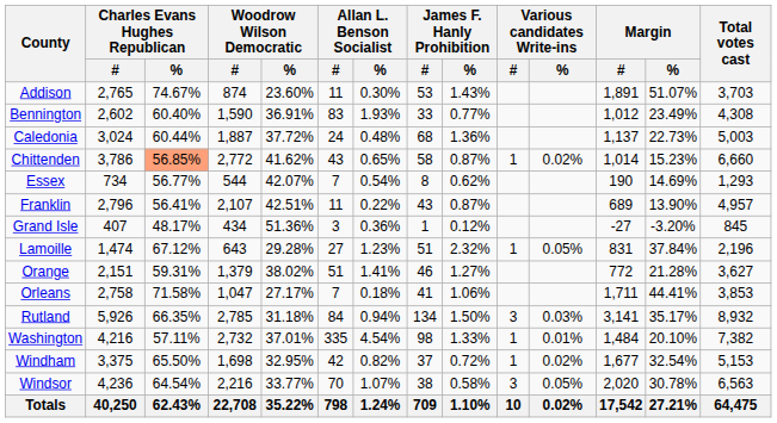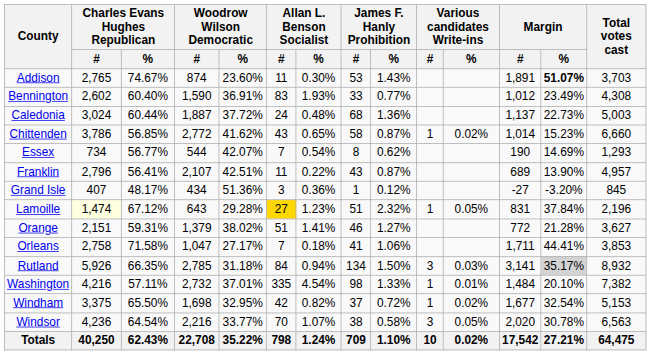 <table class="wikitable sortable" style="text-align:center">
 <tr>
 <th style="text-align:center;" rowspan="2">County</th>
 <th style="text-align:center;" colspan="2">Charles Evans Hughes<br>Republican</th>
 <th style="text-align:center;" colspan="2">Woodrow Wilson<br>Democratic</th>
 <th style="text-align:center;" colspan="2">Allan L. Benson<br>Socialist</th>
 <th style="text-align:center;" colspan="2">James F. Hanly<br>Prohibition</th>
 <th style="text-align:center;" colspan="2">Various candidates<br>Write-ins</th>
 <th style="text-align:center;" colspan="2">Margin</th>
 <th style="text-align:center;" rowspan="2">Total votes cast</th>
 </tr>
 <tr>
 <th style="text-align:center;" data-sort-type="number">#</th>
 <th style="text-align:center;" data-sort-type="number">%</th>
 <th style="text-align:center;" data-sort-type="number">#</th>
 <th style="text-align:center;" data-sort-type="number">%</th>
 <th style="text-align:center;" data-sort-type="number">#</th>
 <th style="text-align:center;" data-sort-type="number">%</th>
 <th style="text-align:center;" data-sort-type="number">#</th>
 <th style="text-align:center;" data-sort-type="number">%</th>
 <th style="text-align:center;" data-sort-type="number">#</th>
 <th style="text-align:center;" data-sort-type="number">%</th>
 <th style="text-align:center;" data-sort-type="number">#</th>
 <th style="text-align:center;" data-sort-type="number">%</th>
 </tr>
 <tr style="text-align:center;">
 <td><a href='#'>Addison</a></td>
 <td>2,765</td>
 <td>74.67%</td>
 <td>874</td>
 <td>23.60%</td>
 <td>11</td>
 <td>0.30%</td>
 <td>53</td>
 <td>1.43%</td>
 <td></td>
 <td></td>
 <td>1,891</td>
-<td>51.07%</td>
+<td><strong>51.07%</strong></td>
 <td>3,703</td>
 </tr>
 <tr style="text-align:center;">
 <td><a href='#'>Bennington</a></td>
 <td>2,602</td>
 <td>60.40%</td>
 <td>1,590</td>
 <td>36.91%</td>
 <td>83</td>
 <td>1.93%</td>
 <td>33</td>
 <td>0.77%</td>
 <td></td>
 <td></td>
 <td>1,012</td>
 <td>23.49%</td>
 <td>4,308</td>
 </tr>
 <tr style="text-align:center;">
 <td><a href='#'>Caledonia</a></td>
 <td>3,024</td>
 <td>60.44%</td>
 <td>1,887</td>
 <td>37.72%</td>
 <td>24</td>
 <td>0.48%</td>
 <td>68</td>
 <td>1.36%</td>
 <td></td>
 <td></td>
 <td>1,137</td>
 <td>22.73%</td>
 <td>5,003</td>
 </tr>
 <tr style="text-align:center;">
 <td><a href='#'>Chittenden</a></td>
 <td>3,786</td>
-<td style="background: lightsalmon;">56.85%</td>
+<td>56.85%</td>
 <td>2,772</td>
 <td>41.62%</td>
 <td>43</td>
 <td>0.65%</td>
 <td>58</td>
 <td>0.87%</td>
 <td>1</td>
 <td>0.02%</td>
 <td>1,014</td>
 <td>15.23%</td>
 <td>6,660</td>
 </tr>
 <tr style="text-align:center;">
 <td><a href='#'>Essex</a></td>
 <td>734</td>
 <td>56.77%</td>
 <td>544</td>
 <td>42.07%</td>
 <td>7</td>
 <td>0.54%</td>
 <td>8</td>
 <td>0.62%</td>
 <td></td>
 <td></td>
 <td>190</td>
 <td>14.69%</td>
 <td>1,293</td>
 </tr>
 <tr style="text-align:center;">
 <td><a href='#'>Franklin</a></td>
 <td>2,796</td>
 <td>56.41%</td>
 <td>2,107</td>
 <td>42.51%</td>
 <td>11</td>
 <td>0.22%</td>
 <td>43</td>
 <td>0.87%</td>
 <td></td>
 <td></td>
 <td>689</td>
 <td>13.90%</td>
 <td>4,957</td>
 </tr>
 <tr style="text-align:center;">
 <td><a href='#'>Grand Isle</a></td>
 <td>407</td>
 <td>48.17%</td>
 <td>434</td>
 <td>51.36%</td>
 <td>3</td>
 <td>0.36%</td>
 <td>1</td>
 <td>0.12%</td>
 <td></td>
 <td></td>
 <td>-27</td>
 <td>-3.20%</td>
 <td>845</td>
 </tr>
 <tr style="text-align:center;">
 <td><a href='#'>Lamoille</a></td>
-<td>1,474</td>
+<td style="background: lightyellow;">1,474</td>
 <td>67.12%</td>
 <td>643</td>
 <td>29.28%</td>
-<td>27</td>
+<td style="background: gold;">27</td>
 <td>1.23%</td>
 <td>51</td>
 <td>2.32%</td>
 <td>1</td>
 <td>0.05%</td>
 <td>831</td>
 <td>37.84%</td>
 <td>2,196</td>
 </tr>
 <tr style="text-align:center;">
 <td><a href='#'>Orange</a></td>
 <td>2,151</td>
 <td>59.31%</td>
 <td>1,379</td>
 <td>38.02%</td>
 <td>51</td>
 <td>1.41%</td>
 <td>46</td>
 <td>1.27%</td>
 <td></td>
 <td></td>
 <td>772</td>
 <td>21.28%</td>
 <td>3,627</td>
 </tr>
 <tr style="text-align:center;">
 <td><a href='#'>Orleans</a></td>
 <td>2,758</td>
 <td>71.58%</td>
 <td>1,047</td>
 <td>27.17%</td>
 <td>7</td>
 <td>0.18%</td>
 <td>41</td>
 <td>1.06%</td>
 <td></td>
 <td></td>
 <td>1,711</td>
 <td>44.41%</td>
 <td>3,853</td>
 </tr>
 <tr style="text-align:center;">
 <td><a href='#'>Rutland</a></td>
 <td>5,926</td>
 <td>66.35%</td>
 <td>2,785</td>
 <td>31.18%</td>
 <td>84</td>
 <td>0.94%</td>
 <td>134</td>
 <td>1.50%</td>
 <td>3</td>
 <td>0.03%</td>
 <td>3,141</td>
-<td>35.17%</td>
+<td style="background: lightgrey;">35.17%</td>
 <td>8,932</td>
 </tr>
 <tr style="text-align:center;">
 <td><a href='#'>Washington</a></td>
 <td>4,216</td>
 <td>57.11%</td>
 <td>2,732</td>
 <td>37.01%</td>
 <td>335</td>
 <td>4.54%</td>
 <td>98</td>
 <td>1.33%</td>
 <td>1</td>
 <td>0.01%</td>
 <td>1,484</td>
 <td>20.10%</td>
 <td>7,382</td>
 </tr>
 <tr style="text-align:center;">
 <td><a href='#'>Windham</a></td>
 <td>3,375</td>
 <td>65.50%</td>
 <td>1,698</td>
 <td>32.95%</td>
 <td>42</td>
 <td>0.82%</td>
 <td>37</td>
 <td>0.72%</td>
 <td>1</td>
 <td>0.02%</td>
 <td>1,677</td>
 <td>32.54%</td>
 <td>5,153</td>
 </tr>
 <tr style="text-align:center;">
 <td><a href='#'>Windsor</a></td>
 <td>4,236</td>
 <td>64.54%</td>
 <td>2,216</td>
 <td>33.77%</td>
 <td>70</td>
 <td>1.07%</td>
 <td>38</td>
 <td>0.58%</td>
 <td>3</td>
 <td>0.05%</td>
 <td>2,020</td>
 <td>30.78%</td>
 <td>6,563</td>
 </tr>
 <tr style="text-align:center;">
 <th>Totals</th>
 <th>40,250</th>
 <th>62.43%</th>
 <th>22,708</th>
 <th>35.22%</th>
 <th>798</th>
 <th>1.24%</th>
 <th>709</th>
 <th>1.10%</th>
 <th>10</th>
 <th>0.02%</th>
 <th>17,542</th>
 <th>27.21%</th>
 <th>64,475</th>
 </tr>
 </table>
